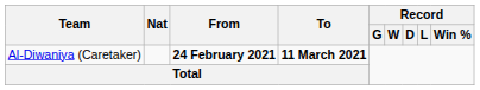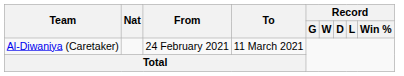 <table class="wikitable" style="text-align: center">
 <tr>
 <th rowspan="2">Team</th>
 <th rowspan="2">Nat</th>
 <th rowspan="2">From</th>
 <th rowspan="2">To</th>
 <th colspan="5">Record</th>
 </tr>
 <tr>
 <th>G</th>
 <th>W</th>
 <th>D</th>
 <th>L</th>
 <th>Win %</th>
 </tr>
 <tr>
 <td align=left><a href='#'>Al-Diwaniya</a> (Caretaker)</td>
 <td></td>
-<td align=left><strong>24 February 2021</strong></td>
-<td align=left><strong>11 March 2021<br></strong></td>
+<td align=left>24 February 2021</td>
+<td align=left>11 March 2021<br></td>
 </tr>
 <tr>
 <th colspan="4" align="center" valign=middle>Total<br></th>
 </tr>
 </table>
